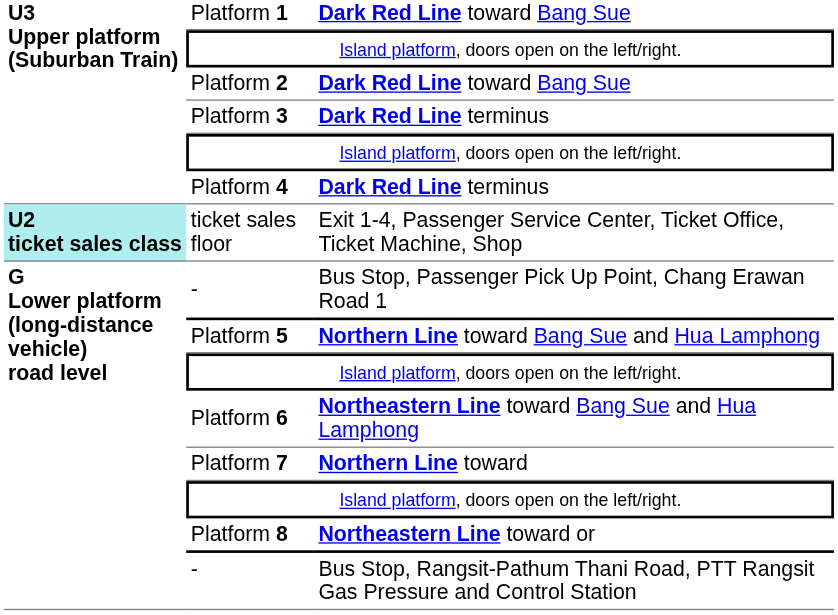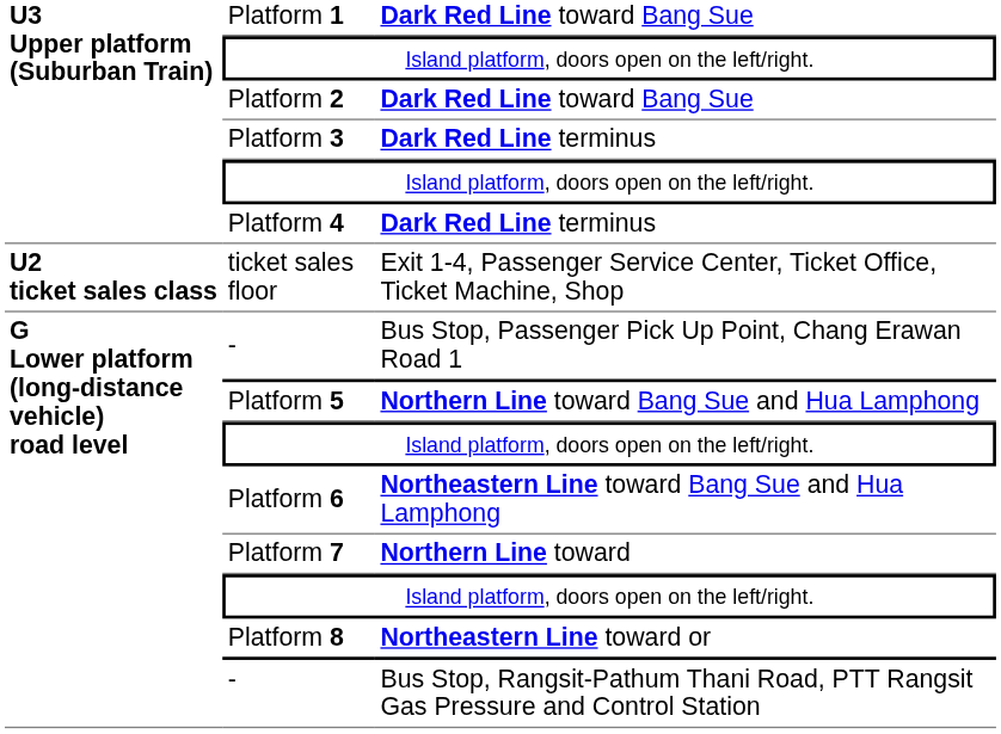 <table table border=0 cellspacing=0 cellpadding=3>
 <tr>
 <td style="border-bottom:solid 1px gray;" rowspan=6 valign=top><strong>U3<br>Upper platform<br>(Suburban Train)</strong></td>
 <td style = "border-bottom:solid 1px gray;">Platform <span><strong>1</strong></span></td>
 <td style = "border-bottom:solid 1px gray;"><strong><a href='#'><span><span>Dark Red Line</span></span></a></strong> toward <a href='#'>Bang Sue</a></td>
 </tr>
 <tr>
 <td style = "border-top:solid 2px black;border-right:solid 2px black;border-left:solid 2px black;border-bottom:solid 2px black;text-align:center;" colspan=2><small><a href='#'>Island platform</a>, doors open on the left/right.</small></td>
 </tr>
 <tr>
 <td style = "border-bottom:solid 1px gray;">Platform <span><strong>2</strong></span></td>
 <td style = "border-bottom:solid 1px gray;"><strong><a href='#'><span><span>Dark Red Line</span></span></a></strong> toward <a href='#'>Bang Sue</a></td>
 </tr>
 <tr>
 <td style = "border-bottom:solid 1px gray;">Platform <span><strong>3</strong></span></td>
 <td style = "border-bottom:solid 1px gray;"><strong><a href='#'><span><span>Dark Red Line</span></span></a></strong> terminus</td>
 </tr>
 <tr>
 <td style = "border-top:solid 2px black;border-right:solid 2px black;border-left:solid 2px black;border-bottom:solid 2px black;text-align:center;" colspan=2><small><a href='#'>Island platform</a>, doors open on the left/right.</small></td>
 </tr>
 <tr>
 <td style = "border-bottom:solid 1px gray;">Platform <span><strong>4</strong></span></td>
 <td style = "border-bottom:solid 1px gray;"><strong><a href='#'><span><span>Dark Red Line</span></span></a></strong> terminus</td>
 </tr>
 <tr>
-<td style="background: paleturquoise; border-bottom:solid 1px gray;" rowspan=1 valign=top><strong>U2<br>ticket sales class<br></strong></td>
+<td style="border-bottom:solid 1px gray;" rowspan=1 valign=top><strong>U2<br>ticket sales class<br></strong></td>
 <td style="border-bottom:solid 1px gray;" valign=top>ticket sales floor</td>
 <td style="border-bottom:solid 1px gray;" valign=top>Exit 1-4, Passenger Service Center, Ticket Office, Ticket Machine, Shop<br></td>
 </tr>
 <tr>
 <td style="border-bottom:solid 1px gray;" rowspan=8 valign=top><strong>G<br>Lower platform<br>(long-distance vehicle)<br>road level</strong></td>
 <td style = "border-bottom:solid 2px black;">-</td>
 <td style = "border-bottom:solid 2px black;">Bus Stop, Passenger Pick Up Point, Chang Erawan Road 1</td>
 </tr>
 <tr>
 <td style = "border-bottom:solid 1px gray;">Platform <strong>5</strong></td>
 <td style = "border-bottom:solid 1px gray;"><strong><a href='#'><span><span>Northern Line</span></span></a></strong> toward <a href='#'>Bang Sue</a> and <a href='#'>Hua Lamphong</a></td>
 </tr>
 <tr>
 <td style = "border-top:solid 2px black;border-right:solid 2px black;border-left:solid 2px black;border-bottom:solid 2px black;text-align:center;" colspan=2><small><a href='#'>Island platform</a>, doors open on the left/right.</small></td>
 </tr>
 <tr>
 <td style = "border-bottom:solid 1px gray;">Platform <strong>6</strong></td>
 <td style = "border-bottom:solid 1px gray;"><strong><a href='#'><span><span>Northeastern Line</span></span></a></strong> toward <a href='#'>Bang Sue</a> and <a href='#'>Hua Lamphong</a></td>
 </tr>
 <tr>
 <td style = "border-bottom:solid 1px gray;">Platform <strong>7</strong></td>
 <td style = "border-bottom:solid 1px gray;"><strong><a href='#'><span><span>Northern Line</span></span></a></strong> toward </td>
 </tr>
 <tr>
 <td style = "border-top:solid 2px black;border-right:solid 2px black;border-left:solid 2px black;border-bottom:solid 2px black;text-align:center;" colspan=2><small><a href='#'>Island platform</a>, doors open on the left/right.</small></td>
 </tr>
 <tr>
 <td style = "border-bottom:solid 2px black;">Platform <strong>8</strong></td>
 <td style = "border-bottom:solid 2px black;"><strong><a href='#'><span><span>Northeastern Line</span></span></a></strong> toward  or </td>
 </tr>
 <tr>
 <td style = "border-bottom:solid 1px gray;" valign=top>-</td>
 <td style = "border-bottom:solid 1px gray;" valign=top>Bus Stop, Rangsit-Pathum Thani Road, PTT Rangsit Gas Pressure and Control Station</td>
 </tr>
 </table>
